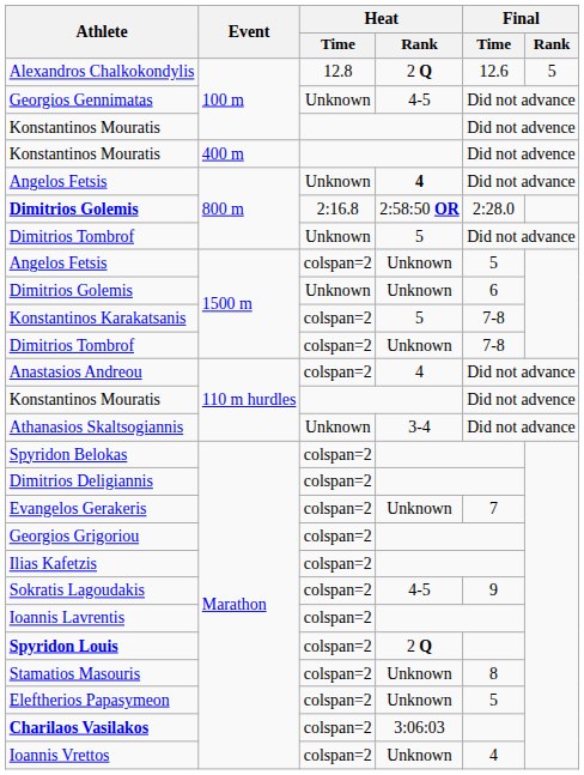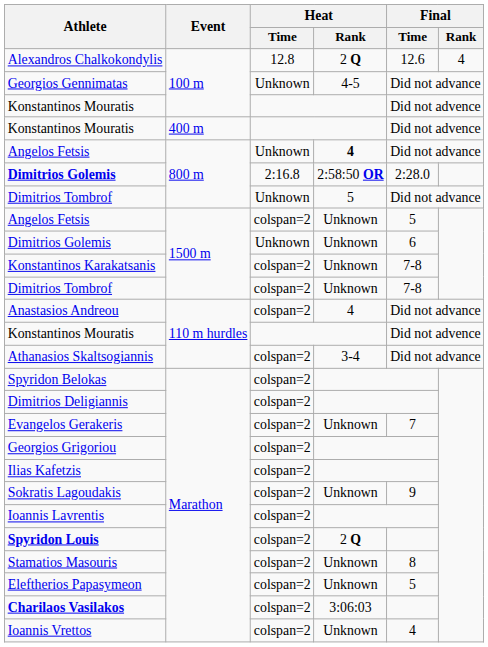 <table class=wikitable style=font-size:90%;text-align:center>
 <tr>
 <th rowspan=2>Athlete</th>
 <th rowspan=2>Event</th>
 <th colspan=2>Heat</th>
 <th colspan=2>Final</th>
 </tr>
 <tr style=font-size:95%>
 <th>Time</th>
 <th>Rank</th>
 <th>Time</th>
 <th>Rank</th>
 </tr>
 <tr>
 <td align=left><a href='#'>Alexandros Chalkokondylis</a></td>
 <td align=left rowspan=3><a href='#'>100 m</a></td>
 <td>12.8</td>
 <td>2 <strong>Q</strong></td>
 <td>12.6</td>
-<td>5</td>
+<td>4</td>
 </tr>
 <tr>
 <td align=left><a href='#'>Georgios Gennimatas</a></td>
 <td>Unknown</td>
 <td>4-5</td>
 <td colspan=2>Did not advance</td>
 </tr>
 <tr>
 <td align=left>Konstantinos Mouratis</td>
 <td colspan=2></td>
 <td colspan=2>Did not advence</td>
 </tr>
 <tr>
 <td align=left>Konstantinos Mouratis</td>
 <td align=left><a href='#'>400 m</a></td>
 <td colspan=2></td>
 <td colspan=2>Did not advence</td>
 </tr>
 <tr>
 <td align=left><a href='#'>Angelos Fetsis</a></td>
 <td align=left rowspan=3><a href='#'>800 m</a></td>
 <td>Unknown</td>
 <td><strong>4</strong></td>
 <td colspan=2>Did not advance</td>
 </tr>
 <tr>
 <td align=left><strong><a href='#'>Dimitrios Golemis</a></strong></td>
 <td>2:16.8</td>
 <td>2:58:50 <a href='#'><strong>OR</strong></a></td>
 <td>2:28.0</td>
 <td></td>
 </tr>
 <tr>
 <td align=left><a href='#'>Dimitrios Tombrof</a></td>
 <td>Unknown</td>
 <td>5</td>
 <td colspan=2>Did not advance</td>
 </tr>
 <tr>
 <td align=left><a href='#'>Angelos Fetsis</a></td>
 <td align=left rowspan=4><a href='#'>1500 m</a></td>
 <td>colspan=2 </td>
 <td>Unknown</td>
 <td>5</td>
 </tr>
 <tr>
 <td align=left><a href='#'>Dimitrios Golemis</a></td>
 <td>Unknown</td>
 <td>Unknown</td>
 <td>6</td>
 </tr>
 <tr>
 <td align=left><a href='#'>Konstantinos Karakatsanis</a></td>
 <td>colspan=2 </td>
-<td>5</td>
+<td>Unknown</td>
 <td>7-8</td>
 </tr>
 <tr>
 <td align=left><a href='#'>Dimitrios Tombrof</a></td>
 <td>colspan=2 </td>
 <td>Unknown</td>
 <td>7-8</td>
 </tr>
 <tr>
 <td align=left><a href='#'>Anastasios Andreou</a></td>
 <td align=left rowspan=3><a href='#'>110 m hurdles</a></td>
 <td>colspan=2 </td>
 <td>4</td>
 <td colspan=2>Did not advance</td>
 </tr>
 <tr>
 <td align=left>Konstantinos Mouratis</td>
 <td colspan=2></td>
 <td colspan=2>Did not advence</td>
 </tr>
 <tr>
 <td align=left><a href='#'>Athanasios Skaltsogiannis</a></td>
-<td>Unknown</td>
+<td>colspan=2 </td>
 <td>3-4</td>
 <td colspan=2>Did not advance</td>
 </tr>
 <tr>
 <td align=left><a href='#'>Spyridon Belokas</a></td>
 <td align=left rowspan=13><a href='#'>Marathon</a></td>
 <td>colspan=2 </td>
 <td colspan=2></td>
 </tr>
 <tr>
 <td align=left><a href='#'>Dimitrios Deligiannis</a></td>
 <td>colspan=2 </td>
 <td colspan=2></td>
 </tr>
 <tr>
 <td align=left><a href='#'>Evangelos Gerakeris</a></td>
 <td>colspan=2 </td>
 <td>Unknown</td>
 <td>7</td>
 </tr>
 <tr>
 <td align=left><a href='#'>Georgios Grigoriou</a></td>
 <td>colspan=2 </td>
 <td colspan=2></td>
 </tr>
 <tr>
 <td align=left><a href='#'>Ilias Kafetzis</a></td>
 <td>colspan=2 </td>
 <td colspan=2></td>
 </tr>
 <tr>
 <td align=left><a href='#'>Sokratis Lagoudakis</a></td>
 <td>colspan=2 </td>
-<td>4-5</td>
+<td>Unknown</td>
 <td>9</td>
 </tr>
 <tr>
 <td align=left><a href='#'>Ioannis Lavrentis</a></td>
 <td>colspan=2 </td>
 <td colspan=2></td>
 </tr>
 <tr>
 <td align=left><strong><a href='#'>Spyridon Louis</a></strong></td>
 <td>colspan=2 </td>
 <td>2 <strong>Q</strong></td>
 <td></td>
 </tr>
 <tr>
 <td align=left><a href='#'>Stamatios Masouris</a></td>
 <td>colspan=2 </td>
 <td>Unknown</td>
 <td>8</td>
 </tr>
 <tr>
 <td align=left><a href='#'>Eleftherios Papasymeon</a></td>
 <td>colspan=2 </td>
 <td>Unknown</td>
 <td>5</td>
 </tr>
 <tr>
 <td align=left><strong><a href='#'>Charilaos Vasilakos</a></strong></td>
 <td>colspan=2 </td>
 <td>3:06:03</td>
 <td></td>
 </tr>
 <tr>
 <td align=left><a href='#'>Ioannis Vrettos</a></td>
 <td>colspan=2 </td>
 <td>Unknown</td>
 <td>4</td>
 </tr>
 </table>
